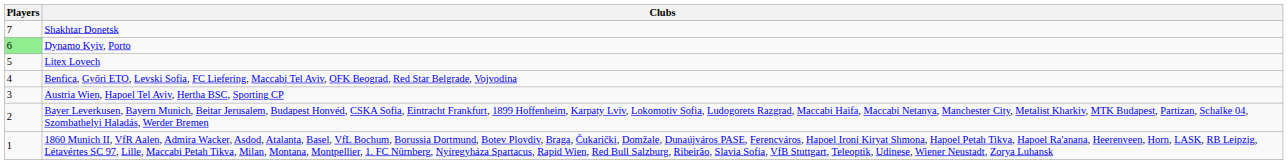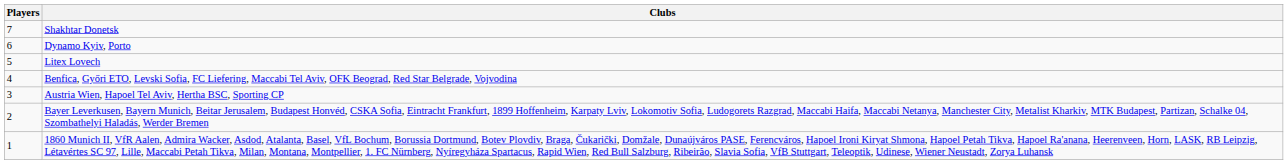 <table class="wikitable">
 <tr>
 <th>Players</th>
 <th>Clubs</th>
 </tr>
 <tr>
 <td>7</td>
 <td> <a href='#'>Shakhtar Donetsk</a></td>
 </tr>
 <tr>
-<td style="background: lightgreen;">6</td>
+<td>6</td>
 <td> <a href='#'>Dynamo Kyiv</a>,  <a href='#'>Porto</a></td>
 </tr>
 <tr>
 <td>5</td>
 <td> <a href='#'>Litex Lovech</a></td>
 </tr>
 <tr>
 <td>4</td>
 <td> <a href='#'>Benfica</a>,  <a href='#'>Győri ETO</a>,  <a href='#'>Levski Sofia</a>,  <a href='#'>FC Liefering</a>,  <a href='#'>Maccabi Tel Aviv</a>,  <a href='#'>OFK Beograd</a>,  <a href='#'>Red Star Belgrade</a>,  <a href='#'>Vojvodina</a></td>
 </tr>
 <tr>
 <td>3</td>
 <td> <a href='#'>Austria Wien</a>,  <a href='#'>Hapoel Tel Aviv</a>,  <a href='#'>Hertha BSC</a>,  <a href='#'>Sporting CP</a></td>
 </tr>
 <tr>
 <td>2</td>
 <td> <a href='#'>Bayer Leverkusen</a>,  <a href='#'>Bayern Munich</a>,  <a href='#'>Beitar Jerusalem</a>,  <a href='#'>Budapest Honvéd</a>,  <a href='#'>CSKA Sofia</a>,  <a href='#'>Eintracht Frankfurt</a>,  <a href='#'>1899 Hoffenheim</a>,  <a href='#'>Karpaty Lviv</a>,  <a href='#'>Lokomotiv Sofia</a>,  <a href='#'>Ludogorets Razgrad</a>,  <a href='#'>Maccabi Haifa</a>,  <a href='#'>Maccabi Netanya</a>,  <a href='#'>Manchester City</a>,  <a href='#'>Metalist Kharkiv</a>,  <a href='#'>MTK Budapest</a>,  <a href='#'>Partizan</a>,  <a href='#'>Schalke 04</a>,  <a href='#'>Szombathelyi Haladás</a>,  <a href='#'>Werder Bremen</a></td>
 </tr>
 <tr>
 <td>1</td>
 <td> <a href='#'>1860 Munich II</a>,  <a href='#'>VfR Aalen</a>,  <a href='#'>Admira Wacker</a>,  <a href='#'>Asdod</a>,  <a href='#'>Atalanta</a>,  <a href='#'>Basel</a>,  <a href='#'>VfL Bochum</a>,  <a href='#'>Borussia Dortmund</a>,  <a href='#'>Botev Plovdiv</a>,  <a href='#'>Braga</a>,  <a href='#'>Čukarički</a>,  <a href='#'>Domžale</a>,  <a href='#'>Dunaújváros PASE</a>,  <a href='#'>Ferencváros</a>,  <a href='#'>Hapoel Ironi Kiryat Shmona</a>,  <a href='#'>Hapoel Petah Tikva</a>,  <a href='#'>Hapoel Ra'anana</a>,  <a href='#'>Heerenveen</a>,  <a href='#'>Horn</a>,  <a href='#'>LASK</a>,  <a href='#'>RB Leipzig</a>,  <a href='#'>Létavértes SC 97</a>,  <a href='#'>Lille</a>,  <a href='#'>Maccabi Petah Tikva</a>,  <a href='#'>Milan</a>,  <a href='#'>Montana</a>,  <a href='#'>Montpellier</a>,  <a href='#'>1. FC Nürnberg</a>,  <a href='#'>Nyíregyháza Spartacus</a>,  <a href='#'>Rapid Wien</a>,  <a href='#'>Red Bull Salzburg</a>,  <a href='#'>Ribeirão</a>,  <a href='#'>Slavia Sofia</a>,  <a href='#'>VfB Stuttgart</a>,  <a href='#'>Teleoptik</a>,  <a href='#'>Udinese</a>,  <a href='#'>Wiener Neustadt</a>,  <a href='#'>Zorya Luhansk</a></td>
 </tr>
 </table>
